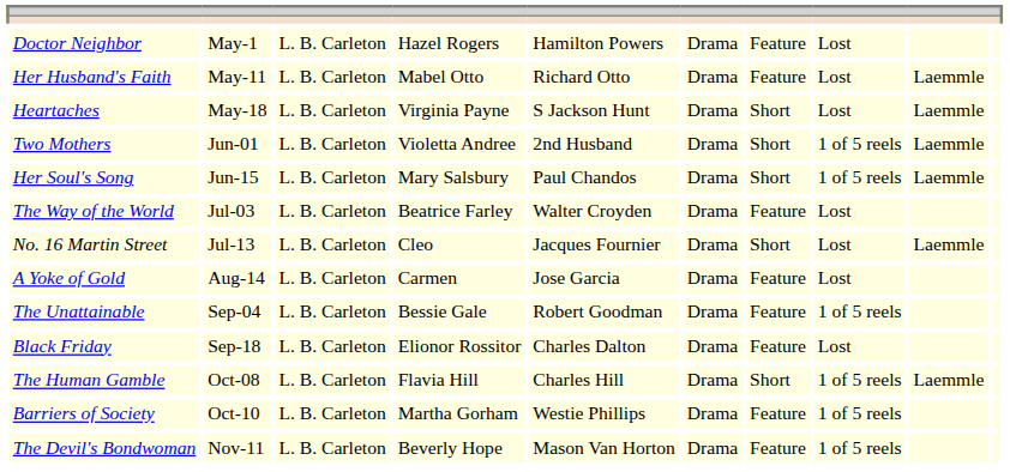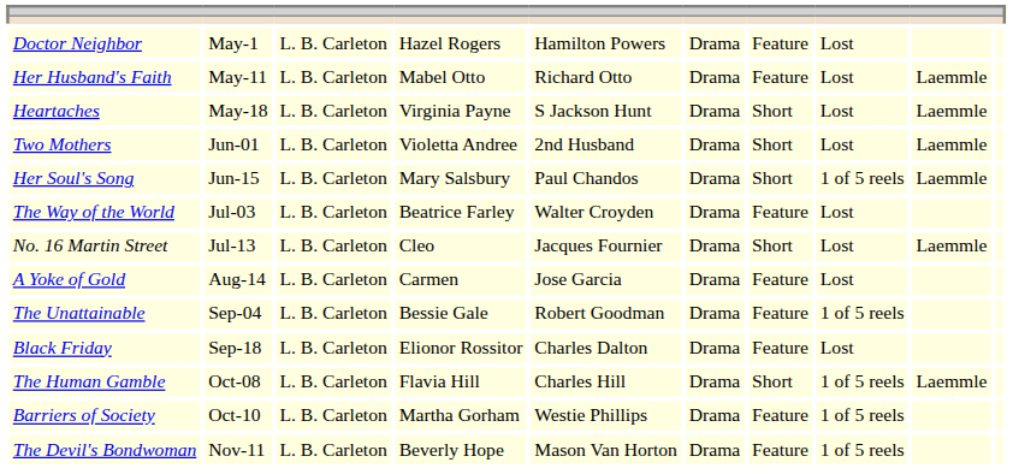 <table class="wikitable mw-collapsible mw-collapsed" style="background:lightyellow; border:2px solid gray;font-size:80%; ">
 <tr>
 <th colspan="18" style="border:1px solid #808080;background: lightgrey;"></th>
 </tr>
 <tr>
 <th style="border: 0px solid #FFFAF5; background:#F2E0CE"></th>
 <th style="border:0px solid #FFFAF5; background:#F2E0CE"></th>
 <th style="border:0px solid #FFFAF5; background:#F2E0CE"></th>
 <th style="border:0px solid #FFFAF5; background:#F2E0CE"></th>
 <th style="border:0px solid #FFFAF5; background:#F2E0CE"></th>
 <th style="border:0px solid #FFFAF5; background:#F2E0CE"></th>
 <th style="border:0px solid #FFFAF5; background:#F2E0CE"></th>
 <th style="border:0px solid #FFFAF5; background:#F2E0CE"></th>
 <th style="border:0px solid #FFFAF5; background:#F2E0CE"></th>
 <th style="border:0px solid #FFFAF5; background:#F2E0CE"></th>
 </tr>
 <tr>
 <td style="border:3px solid #FFFFFF"><em><a href='#'>Doctor Neighbor</a></em></td>
 <td style="border:3px solid #FFFFFF">May-1</td>
 <td style="border:3px solid #FFFFFF">L. B. Carleton</td>
 <td style="border:3px solid #FFFFFF">Hazel Rogers</td>
 <td style="border:3px solid #FFFFFF">Hamilton Powers</td>
 <td style="border:3px solid #FFFFFF">Drama</td>
 <td style="border:3px solid #FFFFFF">Feature</td>
 <td style="border:3px solid #FFFFFF">Lost</td>
 <td style="border:3px solid #FFFFFF"></td>
 <td style="border:3px solid #FFFFFF"></td>
 </tr>
 <tr>
 <td style="border:3px solid #FFFFFF"><em><a href='#'>Her Husband's Faith</a></em></td>
 <td style="border:3px solid #FFFFFF">May-11</td>
 <td style="border:3px solid #FFFFFF">L. B. Carleton</td>
 <td style="border:3px solid #FFFFFF">Mabel Otto</td>
 <td style="border:3px solid #FFFFFF">Richard Otto</td>
 <td style="border:3px solid #FFFFFF">Drama</td>
 <td style="border:3px solid #FFFFFF">Feature</td>
 <td style="border:3px solid #FFFFFF">Lost</td>
 <td style="border:3px solid #FFFFFF">Laemmle</td>
 <td style="border:3px solid #FFFFFF"></td>
 </tr>
 <tr>
 <td style="border:3px solid #FFFFFF"><em><a href='#'>Heartaches</a> </em></td>
 <td style="border:3px solid #FFFFFF">May-18</td>
 <td style="border:3px solid #FFFFFF">L. B. Carleton</td>
 <td style="border:3px solid #FFFFFF">Virginia Payne</td>
 <td style="border:3px solid #FFFFFF">S Jackson Hunt</td>
 <td style="border:3px solid #FFFFFF">Drama</td>
 <td style="border:3px solid #FFFFFF">Short</td>
 <td style="border:3px solid #FFFFFF">Lost</td>
 <td style="border:3px solid #FFFFFF">Laemmle</td>
 <td style="border:3px solid #FFFFFF"></td>
 </tr>
 <tr>
 <td style="border:3px solid #FFFFFF"><em><a href='#'>Two Mothers</a></em></td>
 <td style="border:3px solid #FFFFFF">Jun-01</td>
 <td style="border:3px solid #FFFFFF">L. B. Carleton</td>
 <td style="border:3px solid #FFFFFF">Violetta Andree</td>
 <td style="border:3px solid #FFFFFF">2nd Husband</td>
 <td style="border:3px solid #FFFFFF">Drama</td>
 <td style="border:3px solid #FFFFFF">Short</td>
-<td style="border:3px solid #FFFFFF">1 of 5 reels</td>
+<td style="border:3px solid #FFFFFF">Lost</td>
 <td style="border:3px solid #FFFFFF">Laemmle</td>
 <td style="border:3px solid #FFFFFF"></td>
 </tr>
 <tr>
 <td style="border:3px solid #FFFFFF"><em><a href='#'>Her Soul's Song</a></em></td>
 <td style="border:3px solid #FFFFFF">Jun-15</td>
 <td style="border:3px solid #FFFFFF">L. B. Carleton</td>
 <td style="border:3px solid #FFFFFF">Mary Salsbury</td>
 <td style="border:3px solid #FFFFFF">Paul Chandos</td>
 <td style="border:3px solid #FFFFFF">Drama</td>
 <td style="border:3px solid #FFFFFF">Short</td>
 <td style="border:3px solid #FFFFFF">1 of 5 reels</td>
 <td style="border:3px solid #FFFFFF">Laemmle</td>
 <td style="border:3px solid #FFFFFF"></td>
 </tr>
 <tr>
 <td style="border:3px solid #FFFFFF"><em><a href='#'>The Way of the World</a></em></td>
 <td style="border:3px solid #FFFFFF">Jul-03</td>
 <td style="border:3px solid #FFFFFF">L. B. Carleton</td>
 <td style="border:3px solid #FFFFFF">Beatrice Farley</td>
 <td style="border:3px solid #FFFFFF">Walter Croyden</td>
 <td style="border:3px solid #FFFFFF">Drama</td>
 <td style="border:3px solid #FFFFFF">Feature</td>
 <td style="border:3px solid #FFFFFF">Lost</td>
 <td style="border:3px solid #FFFFFF"></td>
 <td style="border:3px solid #FFFFFF"></td>
 </tr>
 <tr>
 <td style="border:3px solid #FFFFFF"><em>No. 16 Martin Street</em></td>
 <td style="border:3px solid #FFFFFF">Jul-13</td>
 <td style="border:3px solid #FFFFFF">L. B. Carleton</td>
 <td style="border:3px solid #FFFFFF">Cleo</td>
 <td style="border:3px solid #FFFFFF">Jacques Fournier</td>
 <td style="border:3px solid #FFFFFF">Drama</td>
 <td style="border:3px solid #FFFFFF">Short</td>
 <td style="border:3px solid #FFFFFF">Lost</td>
 <td style="border:3px solid #FFFFFF">Laemmle</td>
 <td style="border:3px solid #FFFFFF"></td>
 </tr>
 <tr>
 <td style="border:3px solid #FFFFFF"><em><a href='#'>A Yoke of Gold</a></em></td>
 <td style="border:3px solid #FFFFFF">Aug-14</td>
 <td style="border:3px solid #FFFFFF">L. B. Carleton</td>
 <td style="border:3px solid #FFFFFF">Carmen</td>
 <td style="border:3px solid #FFFFFF">Jose Garcia</td>
 <td style="border:3px solid #FFFFFF">Drama</td>
 <td style="border:3px solid #FFFFFF">Feature</td>
 <td style="border:3px solid #FFFFFF">Lost</td>
 <td style="border:3px solid #FFFFFF"></td>
 <td style="border:3px solid #FFFFFF"></td>
 </tr>
 <tr>
 <td style="border:3px solid #FFFFFF"><em><a href='#'>The Unattainable</a></em></td>
 <td style="border:3px solid #FFFFFF">Sep-04</td>
 <td style="border:3px solid #FFFFFF">L. B. Carleton</td>
 <td style="border:3px solid #FFFFFF">Bessie Gale</td>
 <td style="border:3px solid #FFFFFF">Robert Goodman</td>
 <td style="border:3px solid #FFFFFF">Drama</td>
 <td style="border:3px solid #FFFFFF">Feature</td>
 <td style="border:3px solid #FFFFFF">1 of 5 reels</td>
 <td style="border:3px solid #FFFFFF"></td>
 <td style="border:3px solid #FFFFFF"></td>
 </tr>
 <tr>
 <td style="border:3px solid #FFFFFF"><em><a href='#'>Black Friday</a></em></td>
 <td style="border:3px solid #FFFFFF">Sep-18</td>
 <td style="border:3px solid #FFFFFF">L. B. Carleton</td>
 <td style="border:3px solid #FFFFFF">Elionor Rossitor</td>
 <td style="border:3px solid #FFFFFF">Charles Dalton</td>
 <td style="border:3px solid #FFFFFF">Drama</td>
 <td style="border:3px solid #FFFFFF">Feature</td>
 <td style="border:3px solid #FFFFFF">Lost</td>
 <td style="border:3px solid #FFFFFF"></td>
 <td style="border:3px solid #FFFFFF"></td>
 </tr>
 <tr>
 <td style="border:3px solid #FFFFFF"><em><a href='#'>The Human Gamble</a></em></td>
 <td style="border:3px solid #FFFFFF">Oct-08</td>
 <td style="border:3px solid #FFFFFF">L. B. Carleton</td>
 <td style="border:3px solid #FFFFFF">Flavia Hill</td>
 <td style="border:3px solid #FFFFFF">Charles Hill</td>
 <td style="border:3px solid #FFFFFF">Drama</td>
 <td style="border:3px solid #FFFFFF">Short</td>
 <td style="border:3px solid #FFFFFF">1 of 5 reels</td>
 <td style="border:3px solid #FFFFFF">Laemmle</td>
 <td style="border:3px solid #FFFFFF"></td>
 </tr>
 <tr>
 <td style="border:3px solid #FFFFFF"><em><a href='#'>Barriers of Society</a></em></td>
 <td style="border:3px solid #FFFFFF">Oct-10</td>
 <td style="border:3px solid #FFFFFF">L. B. Carleton</td>
 <td style="border:3px solid #FFFFFF">Martha Gorham</td>
 <td style="border:3px solid #FFFFFF">Westie Phillips</td>
 <td style="border:3px solid #FFFFFF">Drama</td>
 <td style="border:3px solid #FFFFFF">Feature</td>
 <td style="border:3px solid #FFFFFF">1 of 5 reels</td>
 <td style="border:3px solid #FFFFFF"></td>
 <td style="border:3px solid #FFFFFF"></td>
 </tr>
 <tr>
 <td style="border:3px solid #FFFFFF"><em><a href='#'>The Devil's Bondwoman</a></em></td>
 <td style="border:3px solid #FFFFFF">Nov-11</td>
 <td style="border:3px solid #FFFFFF">L. B. Carleton</td>
 <td style="border:3px solid #FFFFFF">Beverly Hope</td>
 <td style="border:3px solid #FFFFFF">Mason Van Horton</td>
 <td style="border:3px solid #FFFFFF">Drama</td>
 <td style="border:3px solid #FFFFFF">Feature</td>
 <td style="border:3px solid #FFFFFF">1 of 5 reels</td>
 <td style="border:3px solid #FFFFFF"></td>
 <td style="border:3px solid #FFFFFF"></td>
 </tr>
 </table>
